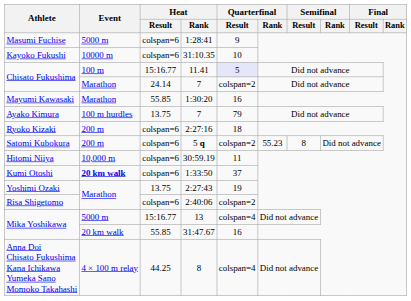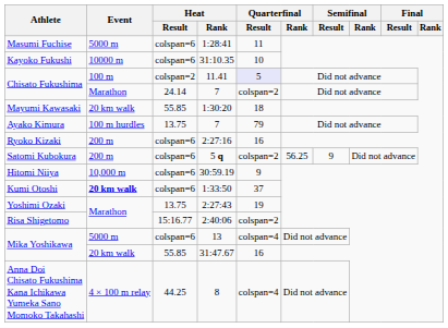 <table class=wikitable style="font-size:90%">
 <tr>
 <th rowspan="2">Athlete</th>
 <th rowspan="2">Event</th>
 <th colspan="2">Heat</th>
 <th colspan="2">Quarterfinal</th>
 <th colspan="2">Semifinal</th>
 <th colspan="2">Final</th>
 </tr>
 <tr style="font-size:95%">
 <th>Result</th>
 <th>Rank</th>
 <th>Result</th>
 <th>Rank</th>
 <th>Result</th>
 <th>Rank</th>
 <th>Result</th>
 <th>Rank</th>
 </tr>
 <tr align=center>
 <td align=left><a href='#'>Masumi Fuchise</a></td>
 <td align=left><a href='#'>5000 m</a></td>
 <td>colspan=6 </td>
 <td>1:28:41</td>
-<td>9</td>
+<td>11</td>
 </tr>
 <tr align=center>
 <td align=left><a href='#'>Kayoko Fukushi</a></td>
 <td align=left><a href='#'>10000 m</a></td>
 <td>colspan=6 </td>
 <td>31:10.35</td>
 <td>10</td>
 </tr>
 <tr align=center>
 <td align=left rowspan=2><a href='#'>Chisato Fukushima</a></td>
 <td align=left><a href='#'>100 m</a></td>
-<td>15:16.77</td>
+<td>colspan=2 </td>
 <td>11.41</td>
 <td style="background: lavender;">5</td>
 <td colspan=4>Did not advance</td>
 </tr>
 <tr align=center>
 <td align=left><a href='#'>Marathon</a></td>
 <td>24.14</td>
 <td>7</td>
 <td>colspan=2 </td>
 <td colspan=4>Did not advance</td>
 </tr>
 <tr align=center>
 <td align=left><a href='#'>Mayumi Kawasaki</a></td>
-<td align=left><a href='#'>Marathon</a></td>
+<td align=left><a href='#'>20 km walk</a></td>
 <td>55.85</td>
 <td>1:30:20</td>
-<td>16</td>
+<td>18</td>
 </tr>
 <tr align=center>
 <td align=left><a href='#'>Ayako Kimura</a></td>
 <td align=left><a href='#'>100 m hurdles</a></td>
 <td>13.75</td>
 <td>7</td>
 <td>79</td>
 <td colspan=4>Did not advance</td>
 </tr>
 <tr align=center>
 <td align=left><a href='#'>Ryoko Kizaki</a></td>
 <td align=left><a href='#'>200 m</a></td>
 <td>colspan=6 </td>
 <td>2:27:16</td>
-<td>18</td>
+<td>16</td>
 </tr>
 <tr align=center>
 <td align=left><a href='#'>Satomi Kubokura</a></td>
 <td align=left><a href='#'>200 m</a></td>
 <td>colspan=6 </td>
 <td>5 <strong>q</strong></td>
 <td>colspan=2 </td>
-<td>55.23</td>
-<td>8</td>
+<td>56.25</td>
+<td>9</td>
 <td colspan=2>Did not advance</td>
 </tr>
 <tr align=center>
 <td align=left><a href='#'>Hitomi Niiya</a></td>
 <td align=left><a href='#'>10,000 m</a></td>
 <td>colspan=6 </td>
 <td>30:59.19</td>
-<td>11</td>
+<td>9</td>
 </tr>
 <tr align=center>
 <td align=left><a href='#'>Kumi Otoshi</a></td>
 <td align=left><strong><a href='#'>20 km walk</a></strong></td>
 <td>colspan=6 </td>
 <td>1:33:50</td>
 <td>37</td>
 </tr>
 <tr align=center>
 <td align=left><a href='#'>Yoshimi Ozaki</a></td>
 <td align=left rowspan=2><a href='#'>Marathon</a></td>
 <td>13.75</td>
 <td>2:27:43</td>
 <td>19</td>
 </tr>
 <tr align=center>
 <td align=left><a href='#'>Risa Shigetomo</a></td>
-<td>colspan=6 </td>
+<td>15:16.77</td>
 <td>2:40:06</td>
 <td>colspan=2 </td>
 </tr>
 <tr align=center>
 <td align=left rowspan=2><a href='#'>Mika Yoshikawa</a></td>
 <td align=left><a href='#'>5000 m</a></td>
-<td>15:16.77</td>
+<td>colspan=6 </td>
 <td>13</td>
 <td>colspan=4 </td>
 <td colspan=2>Did not advance</td>
 </tr>
 <tr align=center>
 <td align=left><a href='#'>20 km walk</a></td>
 <td>55.85</td>
 <td>31:47.67</td>
 <td>16</td>
 </tr>
 <tr align=center>
 <td align=left><a href='#'>Anna Doi</a><br><a href='#'>Chisato Fukushima</a><br><a href='#'>Kana Ichikawa</a><br><a href='#'>Yumeka Sano</a><br><a href='#'>Momoko Takahashi</a><br></td>
 <td align=left><a href='#'>4 × 100 m relay</a></td>
 <td>44.25</td>
 <td>8</td>
 <td>colspan=4 </td>
 <td colspan=2>Did not advance</td>
 </tr>
 </table>
